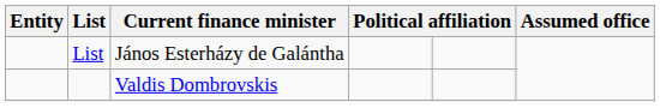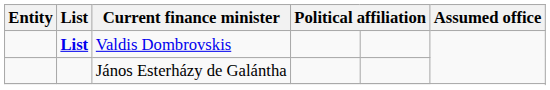 <table class="wikitable sortable">
 <tr>
 <th>Entity</th>
 <th>List</th>
 <th>Current finance minister</th>
 <th colspan="2">Political affiliation</th>
 <th>Assumed office</th>
 </tr>
 <tr>
 <td></td>
-<td><a href='#'>List</a></td>
-<td>János Esterházy de Galántha</td>
+<td><strong><a href='#'>List</a></strong></td>
+<td><a href='#'>Valdis Dombrovskis</a></td>
 <td> </td>
 <td></td>
 </tr>
 <tr>
 <td></td>
 <td></td>
-<td><a href='#'>Valdis Dombrovskis</a></td>
+<td>János Esterházy de Galántha</td>
 <td></td>
 <td></td>
 </tr>
 <tr>
 </tr>
 </table>
